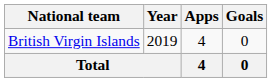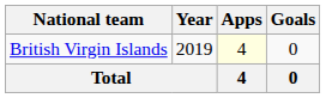 <table class="wikitable" style="text-align:center">
 <tr>
 <th>National team</th>
 <th>Year</th>
 <th>Apps</th>
 <th>Goals</th>
 </tr>
 <tr>
 <td rowspan=1><a href='#'>British Virgin Islands</a></td>
 <td>2019</td>
-<td>4</td>
+<td style="background: lightyellow;">4</td>
 <td>0</td>
 </tr>
 <tr>
 <th colspan=2>Total</th>
 <th>4</th>
 <th>0</th>
 </tr>
 </table>
